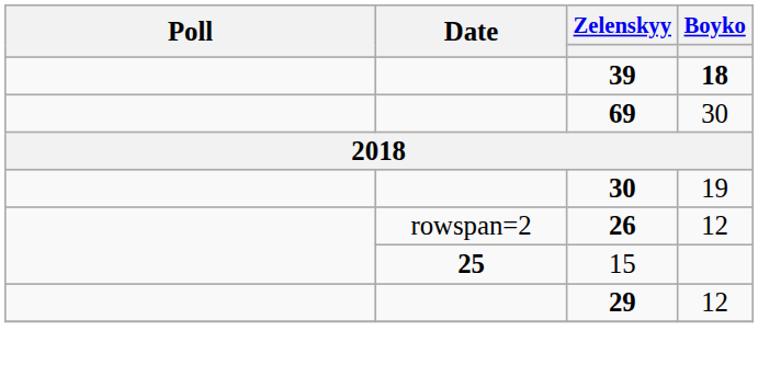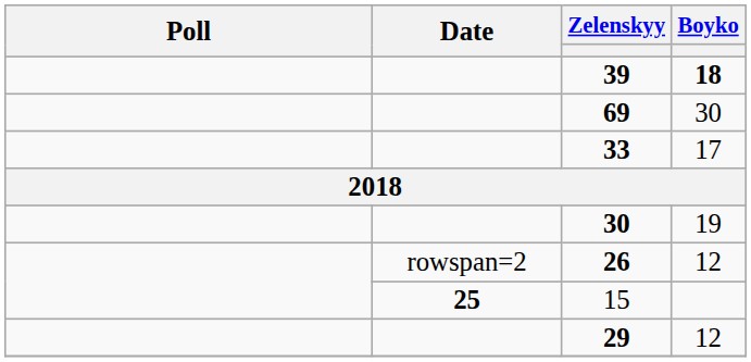 <table class="wikitable" style="text-align:center;font-size:95%;line-height:14px;">
 <tr>
 <th rowspan=2 style="width:200px;">Poll</th>
 <th rowspan=2 style="width:100px;">Date</th>
 <th><small><a href='#'>Zelenskyy</a></small><br></th>
 <th> <small><a href='#'>Boyko</a></small><br></th>
 </tr>
 <tr>
 <th style="background:"></th>
 <th style="background:"></th>
 </tr>
 <tr>
 <td></td>
 <td></td>
 <td style="background-color:#"><strong>39</strong></td>
 <td><strong>18</strong></td>
 </tr>
 <tr>
 <td></td>
 <td></td>
 <td style="background-color:#"><strong>69</strong></td>
 <td>30</td>
+</tr>
+<tr>
+<td></td>
+<td></td>
+<td style="background-color:#"><strong>33</strong></td>
+<td>17</td>
 </tr>
 <tr>
 <th colspan=4>2018</th>
 </tr>
 <tr>
 <td> </td>
 <td></td>
 <td style="background-color:#"><strong>30</strong></td>
 <td>19</td>
 </tr>
 <tr>
 <td rowspan=2></td>
 <td>rowspan=2 </td>
 <td style="background-color:#"><strong>26</strong></td>
 <td>12</td>
 </tr>
 <tr>
 <td style="background-color:#"><strong>25</strong></td>
 <td>15</td>
 </tr>
 <tr>
 <td> </td>
 <td></td>
 <td style="background-color:#"><strong>29</strong></td>
 <td>12</td>
 </tr>
 <tr>
 </tr>
 </table>
